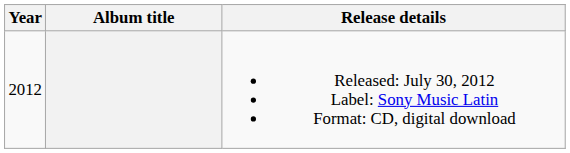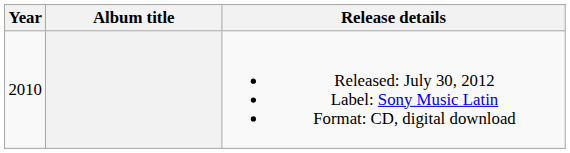 <table class="wikitable plainrowheaders" style="text-align:center;">
 <tr>
 <th>Year</th>
 <th scope="col" style="width:10em;">Album title</th>
 <th scope="col" style="width:20em;">Release details</th>
 </tr>
 <tr>
-<td>2012</td>
+<td>2010</td>
 <th></th>
 <td><br><ul><li>Released: July 30, 2012</li><li>Label: <a href='#'>Sony Music Latin</a></li><li>Format: CD, digital download</li></ul></td>
 </tr>
 </table>
